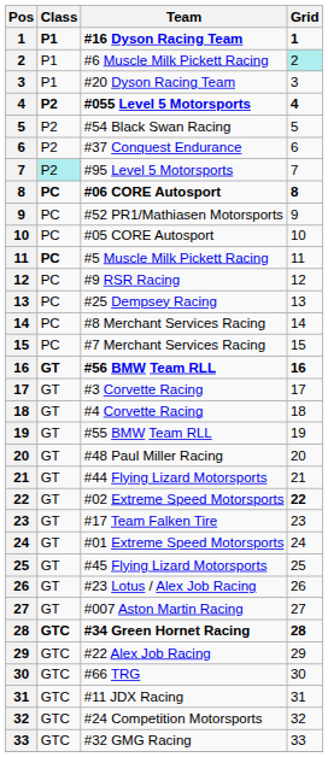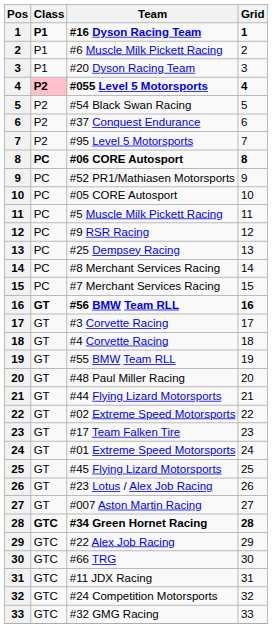 <table class="wikitable" style="font-size: 90%;">
 <tr>
 <th>Pos</th>
 <th>Class</th>
 <th>Team</th>
 <th>Grid</th>
 </tr>
 <tr style="font-weight:bold">
 <th>1</th>
 <td>P1</td>
 <td>#16 <a href='#'>Dyson Racing Team</a></td>
 <td>1</td>
 </tr>
 <tr>
 <th>2</th>
 <td>P1</td>
 <td>#6 <a href='#'>Muscle Milk Pickett Racing</a></td>
-<td style="background: paleturquoise;">2</td>
+<td>2</td>
 </tr>
 <tr>
 <th>3</th>
 <td>P1</td>
 <td>#20 <a href='#'>Dyson Racing Team</a></td>
 <td>3</td>
 </tr>
 <tr style="font-weight:bold">
 <th>4</th>
-<td>P2</td>
+<td style="background: pink;">P2</td>
 <td>#055 <a href='#'>Level 5 Motorsports</a></td>
 <td>4</td>
 </tr>
 <tr>
 <th>5</th>
 <td>P2</td>
 <td>#54 Black Swan Racing</td>
 <td>5</td>
 </tr>
 <tr>
 <th>6</th>
 <td>P2</td>
 <td>#37 <a href='#'>Conquest Endurance</a></td>
 <td>6</td>
 </tr>
 <tr>
 <th>7</th>
-<td style="background: paleturquoise;">P2</td>
+<td>P2</td>
 <td>#95 <a href='#'>Level 5 Motorsports</a></td>
 <td>7</td>
 </tr>
 <tr style="font-weight:bold">
 <th>8</th>
 <td>PC</td>
 <td>#06 CORE Autosport</td>
 <td>8</td>
 </tr>
 <tr>
 <th>9</th>
 <td>PC</td>
 <td>#52 PR1/Mathiasen Motorsports</td>
 <td>9</td>
 </tr>
 <tr>
 <th>10</th>
 <td>PC</td>
 <td>#05 CORE Autosport</td>
 <td>10</td>
 </tr>
 <tr>
 <th>11</th>
-<td><strong>PC</strong></td>
+<td>PC</td>
 <td>#5 <a href='#'>Muscle Milk Pickett Racing</a></td>
 <td>11</td>
 </tr>
 <tr>
 <th>12</th>
 <td>PC</td>
 <td>#9 <a href='#'>RSR Racing</a></td>
 <td>12</td>
 </tr>
 <tr>
 <th>13</th>
 <td>PC</td>
 <td>#25 <a href='#'>Dempsey Racing</a></td>
 <td>13</td>
 </tr>
 <tr>
 <th>14</th>
 <td>PC</td>
 <td>#8 Merchant Services Racing</td>
 <td>14</td>
 </tr>
 <tr>
 <th>15</th>
 <td>PC</td>
 <td>#7 Merchant Services Racing</td>
 <td>15</td>
 </tr>
 <tr style="font-weight:bold">
 <th>16</th>
 <td>GT</td>
 <td>#56 <a href='#'>BMW</a> <a href='#'>Team RLL</a></td>
 <td>16</td>
 </tr>
 <tr>
 <th>17</th>
 <td>GT</td>
 <td>#3 <a href='#'>Corvette Racing</a></td>
 <td>17</td>
 </tr>
 <tr>
 <th>18</th>
 <td>GT</td>
 <td>#4 <a href='#'>Corvette Racing</a></td>
 <td>18</td>
 </tr>
 <tr>
 <th>19</th>
 <td>GT</td>
 <td>#55 <a href='#'>BMW</a> <a href='#'>Team RLL</a></td>
 <td>19</td>
 </tr>
 <tr>
 <th>20</th>
 <td>GT</td>
 <td>#48 Paul Miller Racing</td>
 <td>20</td>
 </tr>
 <tr>
 <th>21</th>
 <td>GT</td>
 <td>#44 <a href='#'>Flying Lizard Motorsports</a></td>
 <td>21</td>
 </tr>
 <tr>
 <th>22</th>
 <td>GT</td>
 <td>#02 <a href='#'>Extreme Speed Motorsports</a></td>
-<td><strong>22</strong></td>
+<td>22</td>
 </tr>
 <tr>
 <th>23</th>
 <td>GT</td>
 <td>#17 <a href='#'>Team Falken Tire</a></td>
 <td>23</td>
 </tr>
 <tr>
 <th>24</th>
 <td>GT</td>
 <td>#01 <a href='#'>Extreme Speed Motorsports</a></td>
 <td>24</td>
 </tr>
 <tr>
 <th>25</th>
 <td>GT</td>
 <td>#45 <a href='#'>Flying Lizard Motorsports</a></td>
 <td>25</td>
 </tr>
 <tr>
 <th>26</th>
 <td>GT</td>
 <td>#23 <a href='#'>Lotus</a> / <a href='#'>Alex Job Racing</a></td>
 <td>26</td>
 </tr>
 <tr>
 <th>27</th>
 <td>GT</td>
 <td>#007 <a href='#'>Aston Martin Racing</a></td>
 <td>27</td>
 </tr>
 <tr style="font-weight:bold">
 <th>28</th>
 <td>GTC</td>
 <td>#34 Green Hornet Racing</td>
 <td>28</td>
 </tr>
 <tr>
 <th>29</th>
 <td>GTC</td>
 <td>#22 <a href='#'>Alex Job Racing</a></td>
 <td>29</td>
 </tr>
 <tr>
 <th>30</th>
 <td>GTC</td>
 <td>#66 <a href='#'>TRG</a></td>
 <td>30</td>
 </tr>
 <tr>
 <th>31</th>
 <td>GTC</td>
 <td>#11 JDX Racing</td>
 <td>31</td>
 </tr>
 <tr>
 <th>32</th>
 <td>GTC</td>
 <td>#24 Competition Motorsports</td>
 <td>32</td>
 </tr>
 <tr>
 <th>33</th>
 <td>GTC</td>
 <td>#32 GMG Racing</td>
 <td>33</td>
 </tr>
 <tr>
 </tr>
 </table>
